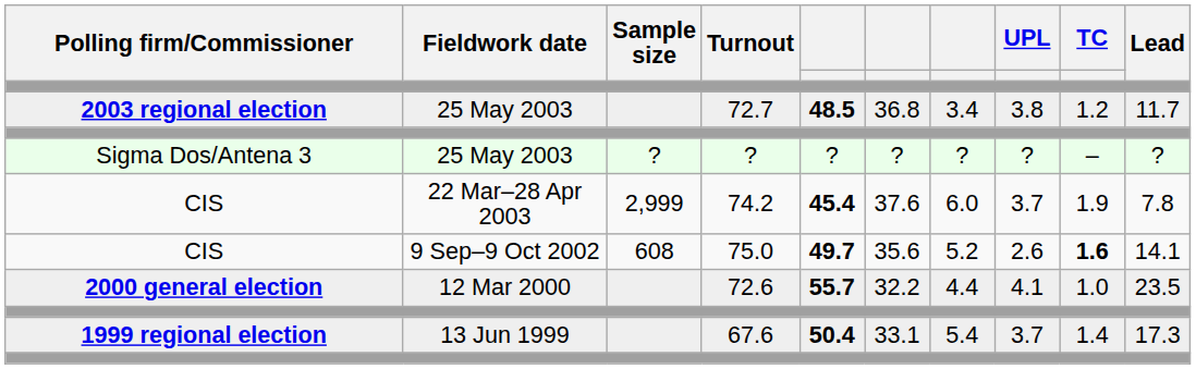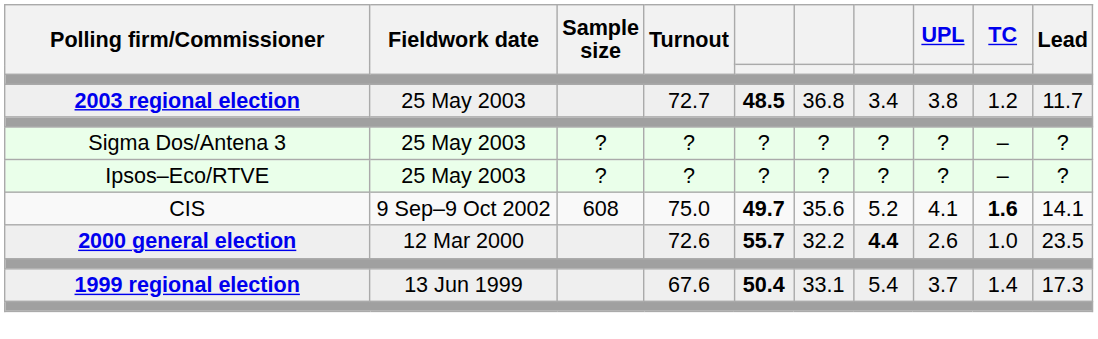 <table class="wikitable collapsible collapsed" style="text-align:center; font-size:95%; line-height:16px;">
 <tr style="height:42px;">
 <th style="width:250px;" rowspan="2">Polling firm/Commissioner</th>
 <th style="width:125px;" rowspan="2">Fieldwork date</th>
 <th style="width:50px;" rowspan="2">Sample size</th>
 <th style="width:45px;" rowspan="2">Turnout</th>
 <th style="width:35px;"></th>
 <th style="width:35px;"></th>
 <th style="width:35px;"></th>
 <th style="width:35px;"><a href='#'>UPL</a></th>
 <th style="width:35px;"><a href='#'>TC</a></th>
 <th style="width:30px;" rowspan="2">Lead</th>
 </tr>
 <tr>
 <th style="color:inherit;background:"></th>
 <th style="color:inherit;background:"></th>
 <th style="color:inherit;background:"></th>
 <th style="color:inherit;background:"></th>
 <th style="color:inherit;background:"></th>
 </tr>
 <tr>
 <td colspan="10" style="background:#A0A0A0"></td>
 </tr>
 <tr style="background:#EFEFEF;">
 <td><strong><a href='#'>2003 regional election</a></strong></td>
 <td>25 May 2003</td>
 <td></td>
 <td>72.7</td>
 <td><strong>48.5</strong><br></td>
 <td>36.8<br></td>
 <td>3.4<br></td>
 <td>3.8<br></td>
 <td>1.2<br></td>
 <td style="background:">11.7</td>
 </tr>
 <tr>
 <td colspan="10" style="background:#A0A0A0"></td>
 </tr>
 <tr style="background:#EAFFEA;">
 <td>Sigma Dos/Antena 3</td>
 <td>25 May 2003</td>
 <td>?</td>
 <td>?</td>
 <td>?<br></td>
 <td>?<br></td>
 <td>?<br></td>
 <td>?<br></td>
 <td>–</td>
 <td style="background:">?</td>
 </tr>
-<tr>
-<td>CIS</td>
-<td>22 Mar–28 Apr 2003</td>
-<td>2,999</td>
-<td>74.2</td>
-<td><strong>45.4</strong><br></td>
-<td>37.6<br></td>
-<td>6.0<br></td>
-<td>3.7<br></td>
-<td>1.9<br></td>
-<td style="background:">7.8</td>
+<tr style="background:#EAFFEA;">
+<td>Ipsos–Eco/RTVE</td>
+<td>25 May 2003</td>
+<td>?</td>
+<td>?</td>
+<td>?<br></td>
+<td>?<br></td>
+<td>?<br></td>
+<td>?<br></td>
+<td>–</td>
+<td style="background:">?</td>
 </tr>
 <tr>
 <td>CIS</td>
 <td>9 Sep–9 Oct 2002</td>
 <td>608</td>
 <td>75.0</td>
 <td><strong>49.7</strong></td>
 <td>35.6</td>
 <td>5.2</td>
-<td>2.6<br></td>
+<td>4.1</td>
 <td><strong>1.6</strong></td>
 <td style="background:">14.1</td>
 </tr>
 <tr style="background:#EFEFEF;">
 <td><strong><a href='#'>2000 general election</a></strong></td>
 <td>12 Mar 2000</td>
 <td></td>
 <td>72.6</td>
 <td><strong>55.7</strong><br></td>
 <td>32.2<br></td>
-<td>4.4<br></td>
-<td>4.1</td>
+<td><strong>4.4<br></strong></td>
+<td>2.6<br></td>
 <td>1.0<br></td>
 <td style="background:">23.5</td>
 </tr>
 <tr>
 <td colspan="10" style="background:#A0A0A0"></td>
 </tr>
 <tr style="background:#EFEFEF;">
 <td><strong><a href='#'>1999 regional election</a></strong></td>
 <td>13 Jun 1999</td>
 <td></td>
 <td>67.6</td>
 <td><strong>50.4</strong><br></td>
 <td>33.1<br></td>
 <td>5.4<br></td>
 <td>3.7<br></td>
 <td>1.4<br></td>
 <td style="background:">17.3</td>
 </tr>
 <tr>
 <td colspan="10" style="background:#A0A0A0"></td>
 </tr>
 </table>
